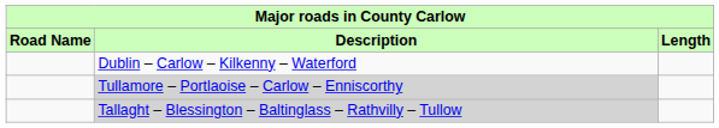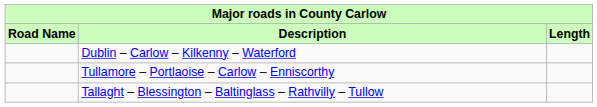 <table class="wikitable" style="margin-left: 10px">
 <tr>
 <th colspan="5" align=center style="background-color: #cfb;">Major roads in County Carlow</th>
 </tr>
 <tr>
 <th style="background-color: #cfb;">Road Name</th>
 <th align=left style="background-color: #cfb;" width="600">Description</th>
 <th align=right style="background-color: #cfb;">Length</th>
 </tr>
 <tr>
 <td align=right> </td>
 <td><a href='#'>Dublin</a> – <a href='#'>Carlow</a> – <a href='#'>Kilkenny</a> – <a href='#'>Waterford</a></td>
 <td></td>
 </tr>
 <tr>
 <td align=right></td>
-<td style="background: lightgrey;"><a href='#'>Tullamore</a>  – <a href='#'>Portlaoise</a> – <a href='#'>Carlow</a> – <a href='#'>Enniscorthy</a></td>
+<td><a href='#'>Tullamore</a>  – <a href='#'>Portlaoise</a> – <a href='#'>Carlow</a> – <a href='#'>Enniscorthy</a></td>
 <td></td>
 </tr>
 <tr>
 <td align=right></td>
-<td style="background: lightgrey;"><a href='#'>Tallaght</a> – <a href='#'>Blessington</a> – <a href='#'>Baltinglass</a> – <a href='#'>Rathvilly</a> – <a href='#'>Tullow</a></td>
+<td><a href='#'>Tallaght</a> – <a href='#'>Blessington</a> – <a href='#'>Baltinglass</a> – <a href='#'>Rathvilly</a> – <a href='#'>Tullow</a></td>
 <td></td>
 </tr>
 </table>
